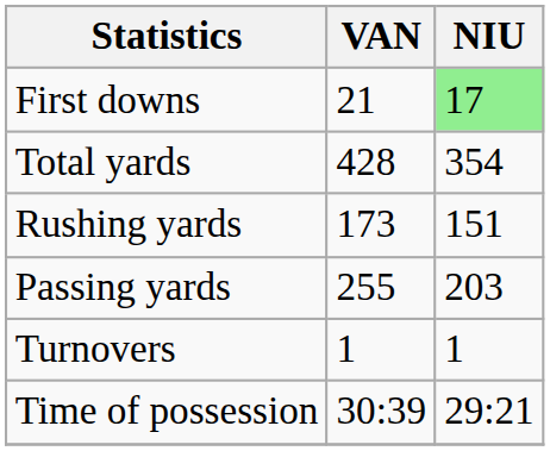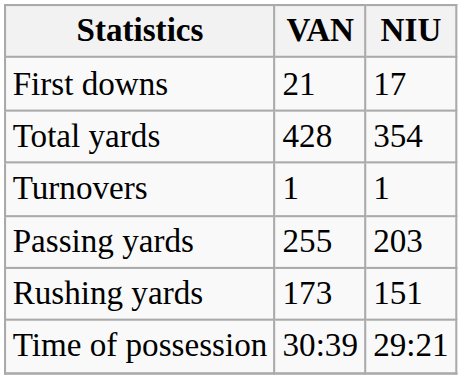 <table class="wikitable">
 <tr>
 <th>Statistics</th>
 <th>VAN</th>
 <th>NIU</th>
 </tr>
 <tr>
 <td>First downs</td>
 <td>21</td>
-<td style="background: lightgreen;">17</td>
+<td>17</td>
 </tr>
 <tr>
 <td>Total yards</td>
 <td>428</td>
 <td>354</td>
 </tr>
 <tr>
-<td>Rushing yards</td>
-<td>173</td>
-<td>151</td>
+<td>Turnovers</td>
+<td>1</td>
+<td>1</td>
 </tr>
 <tr>
 <td>Passing yards</td>
 <td>255</td>
 <td>203</td>
 </tr>
 <tr>
-<td>Turnovers</td>
-<td>1</td>
-<td>1</td>
+<td>Rushing yards</td>
+<td>173</td>
+<td>151</td>
 </tr>
 <tr>
 <td>Time of possession</td>
 <td>30:39</td>
 <td>29:21</td>
 </tr>
 <tr>
 </tr>
 </table>
